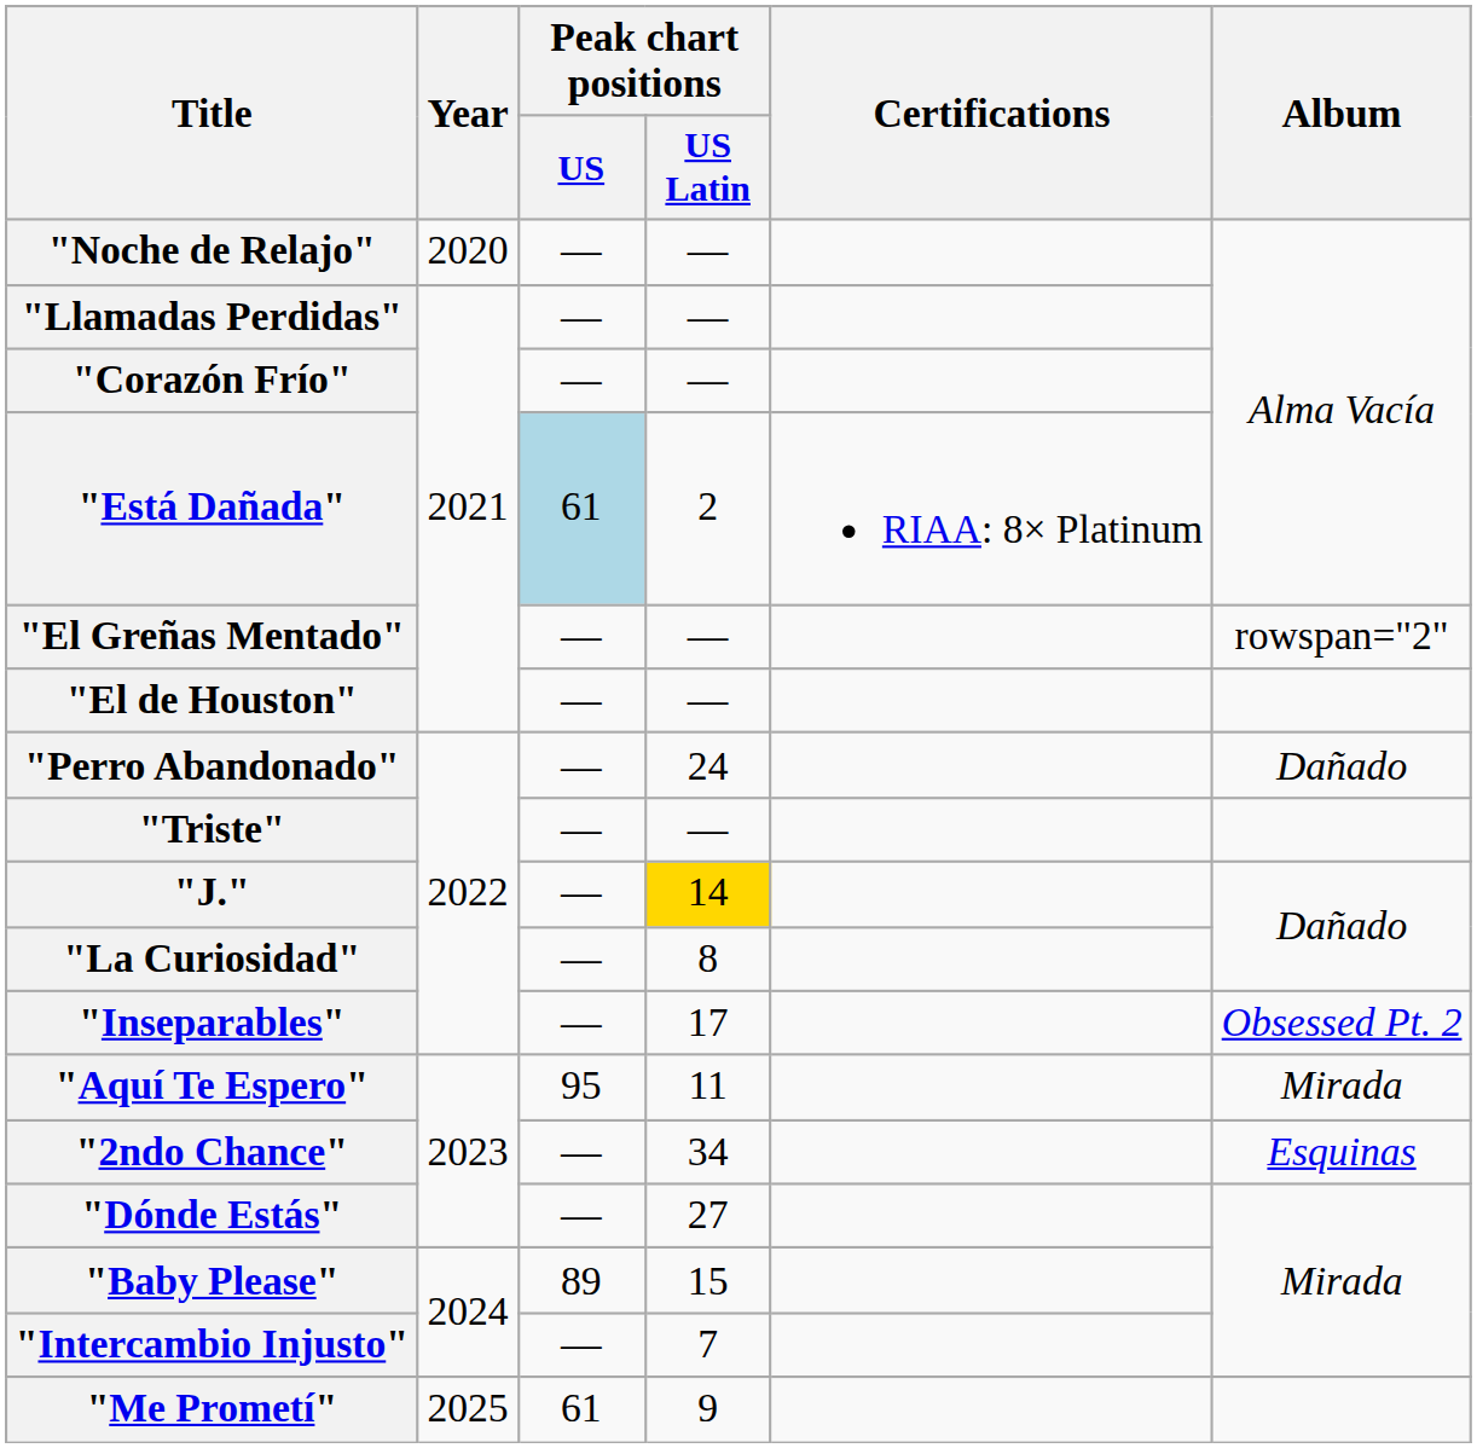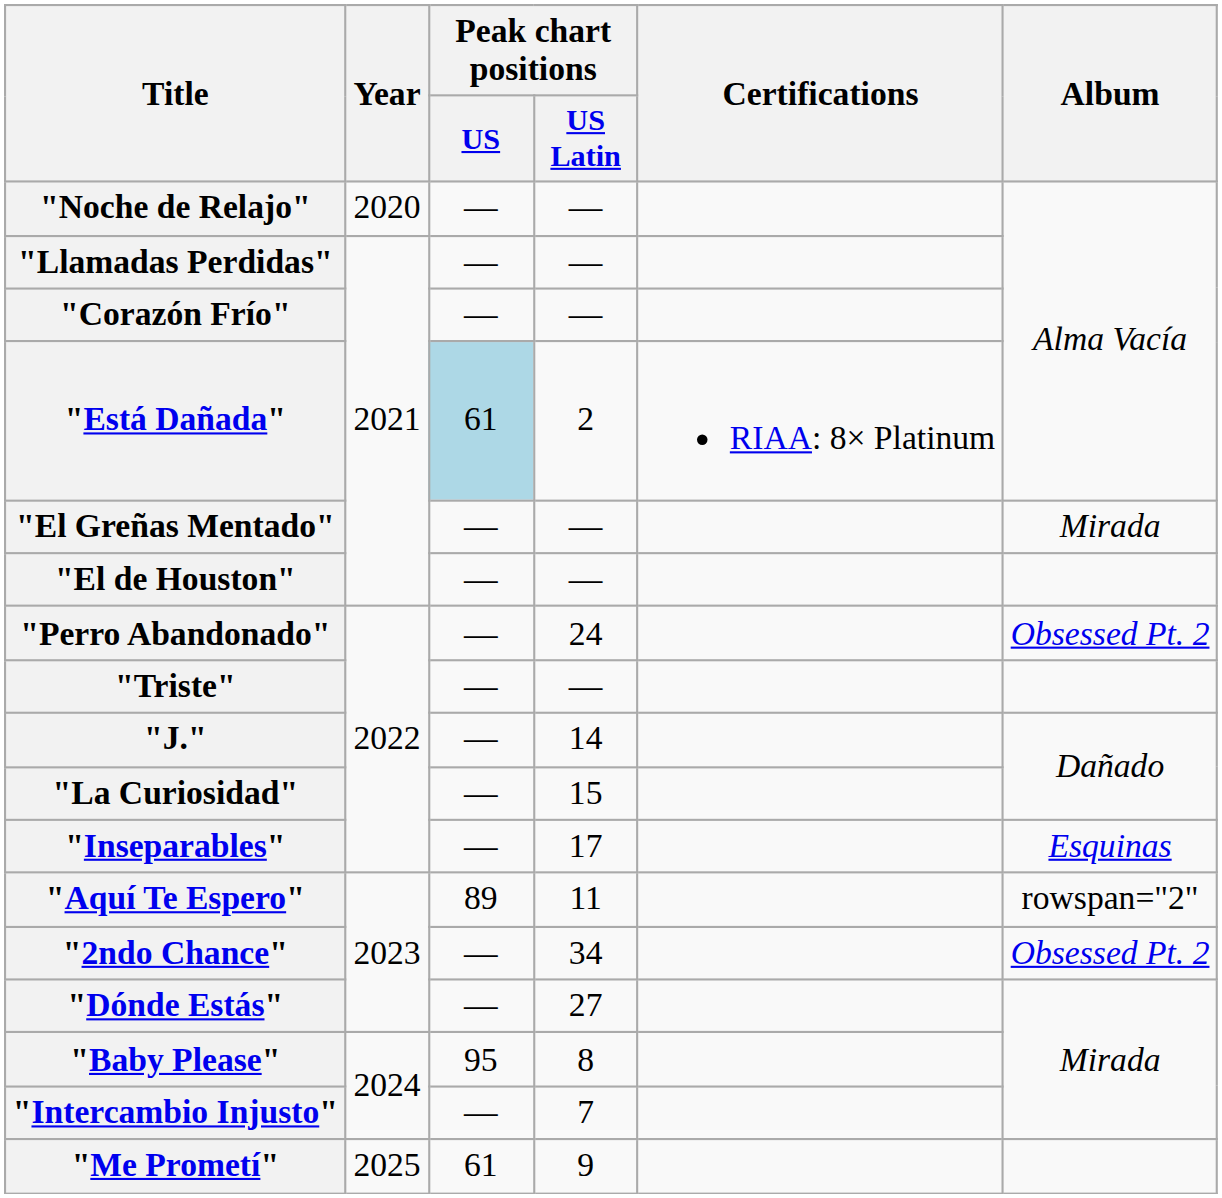 <table class="wikitable plainrowheaders" style="text-align:center">
 <tr>
 <th scope="col" rowspan="2">Title</th>
 <th scope="col" rowspan="2">Year</th>
 <th scope="col" colspan="2">Peak chart positions</th>
 <th scope="col" rowspan="2">Certifications</th>
 <th scope="col" rowspan="2">Album</th>
 </tr>
 <tr>
 <th scope="col" style="width:3em;font-size:90%;"><a href='#'>US</a><br></th>
 <th scope="col" style="width:3em;font-size:90%;"><a href='#'>US<br>Latin</a><br></th>
 </tr>
 <tr>
 <th scope="row">"Noche de Relajo"</th>
 <td>2020</td>
 <td>—</td>
 <td>—</td>
 <td></td>
 <td rowspan="4"><em>Alma Vacía</em></td>
 </tr>
 <tr>
 <th scope="row">"Llamadas Perdidas"</th>
 <td rowspan="5">2021</td>
 <td>—</td>
 <td>—</td>
 <td></td>
 </tr>
 <tr>
 <th scope="row">"Corazón Frío"</th>
 <td>—</td>
 <td>—</td>
 <td></td>
 </tr>
 <tr>
 <th scope="row">"<a href='#'>Está Dañada</a>"<br></th>
 <td style="background: lightblue;">61</td>
 <td>2</td>
 <td><br><ul><li><a href='#'>RIAA</a>: 8× Platinum </li></ul></td>
 </tr>
 <tr>
 <th scope="row">"El Greñas Mentado"</th>
 <td>—</td>
 <td>—</td>
 <td></td>
-<td>rowspan="2" </td>
+<td><em>Mirada</em></td>
 </tr>
 <tr>
 <th scope="row">"El de Houston"</th>
 <td>—</td>
 <td>—</td>
 <td></td>
 </tr>
 <tr>
 <th scope="row">"Perro Abandonado"</th>
 <td rowspan="5">2022</td>
 <td>—</td>
 <td>24</td>
 <td></td>
-<td><em>Dañado</em></td>
+<td><em><a href='#'>Obsessed Pt. 2</a></em></td>
 </tr>
 <tr>
 <th scope="row">"Triste"</th>
 <td>—</td>
 <td>—</td>
 <td></td>
 <td></td>
 </tr>
 <tr>
 <th scope="row">"J."</th>
 <td>—</td>
-<td style="background: gold;">14</td>
+<td>14</td>
 <td></td>
 <td rowspan="2"><em>Dañado</em></td>
 </tr>
 <tr>
 <th scope="row">"La Curiosidad"<br></th>
 <td>—</td>
-<td>8</td>
+<td>15</td>
 <td></td>
 </tr>
 <tr>
 <th scope="row">"<a href='#'>Inseparables</a>"<br></th>
 <td>—</td>
 <td>17</td>
 <td></td>
-<td><em><a href='#'>Obsessed Pt. 2</a></em></td>
+<td><em><a href='#'>Esquinas</a></em></td>
 </tr>
 <tr>
 <th scope="row">"<a href='#'>Aquí Te Espero</a>"</th>
 <td rowspan="3">2023</td>
-<td>95</td>
+<td>89</td>
 <td>11</td>
 <td></td>
-<td><em>Mirada</em></td>
+<td>rowspan="2" </td>
 </tr>
 <tr>
 <th scope="row">"<a href='#'>2ndo Chance</a>"<br></th>
 <td>—</td>
 <td>34</td>
 <td></td>
-<td><em><a href='#'>Esquinas</a></em></td>
+<td><em><a href='#'>Obsessed Pt. 2</a></em></td>
 </tr>
 <tr>
 <th scope="row">"<a href='#'>Dónde Estás</a>"</th>
 <td>—</td>
 <td>27</td>
 <td></td>
 <td rowspan="3"><em>Mirada</em></td>
 </tr>
 <tr>
 <th scope="row">"<a href='#'>Baby Please</a>"</th>
 <td rowspan="2">2024</td>
-<td>89</td>
-<td>15</td>
+<td>95</td>
+<td>8</td>
 <td></td>
 </tr>
 <tr>
 <th scope="row">"<a href='#'>Intercambio Injusto</a>"</th>
 <td>—</td>
 <td>7</td>
 <td></td>
 </tr>
 <tr>
 <th scope="row">"<a href='#'>Me Prometí</a>"</th>
 <td>2025</td>
 <td>61</td>
 <td>9</td>
 <td></td>
 <td></td>
 </tr>
 </table>
